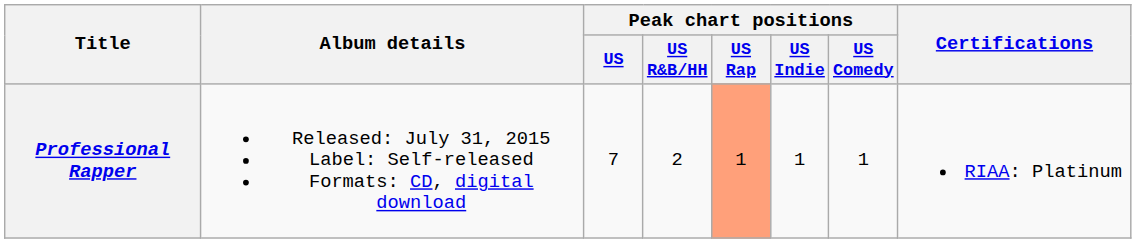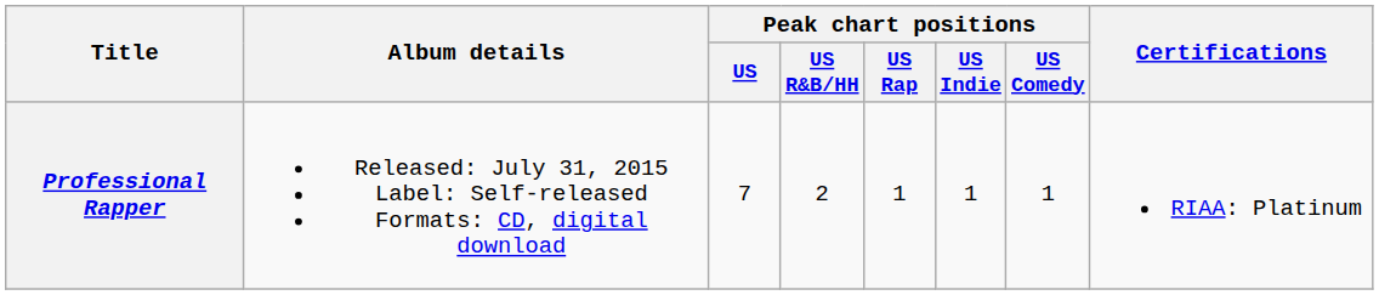 <table class="wikitable plainrowheaders" style="text-align:center;">
 <tr>
 <th scope="col" rowspan="2" style="width:10em;">Title</th>
 <th scope="col" rowspan="2" style="width:20em;">Album details</th>
 <th scope="col" colspan="5">Peak chart positions</th>
 <th scope="col" rowspan="2" style="width:12em;"><a href='#'>Certifications</a></th>
 </tr>
 <tr>
 <th scope="col" style="width:3em;font-size:90%;"><a href='#'>US</a><br></th>
 <th scope="col" style="width:3em;font-size:90%;"><a href='#'>US<br>R&B/HH</a><br></th>
 <th scope="col" style="width:3em;font-size:90%;"><a href='#'>US<br>Rap</a><br></th>
 <th scope="col" style="width:3em;font-size:90%;"><a href='#'>US<br>Indie</a><br></th>
 <th scope="col" style="width:3em;font-size:90%;"><a href='#'>US<br>Comedy</a><br></th>
 </tr>
 <tr>
 <th scope="row"><em><a href='#'>Professional Rapper</a></em></th>
 <td><br><ul><li>Released: July 31, 2015</li><li>Label: Self-released</li><li>Formats: <a href='#'>CD</a>, <a href='#'>digital download</a></li></ul></td>
 <td>7</td>
 <td>2</td>
-<td style="background: lightsalmon;">1</td>
+<td>1</td>
 <td>1</td>
 <td>1</td>
 <td><br><ul><li><a href='#'>RIAA</a>: Platinum</li></ul></td>
 </tr>
 </table>
